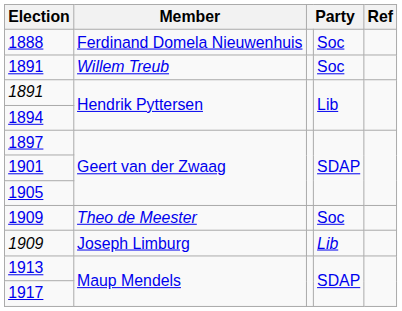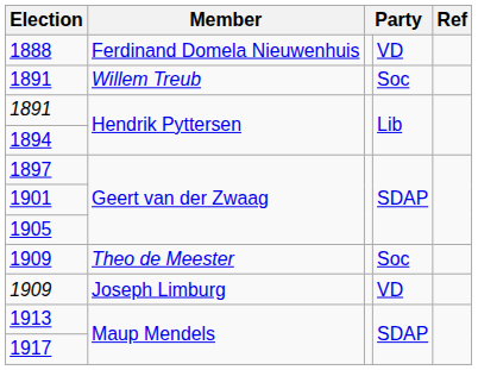 <table class="wikitable">
 <tr>
 <th scope="col">Election</th>
 <th scope="col">Member</th>
 <th scope="col" colspan="2">Party</th>
 <th scope="col">Ref</th>
 </tr>
 <tr>
 <td scope="row"><a href='#'>1888</a></td>
 <td scope="row"><a href='#'>Ferdinand Domela Nieuwenhuis</a></td>
 <td scope="row" style="background-color:"></td>
-<td scope="row"><a href='#'>Soc</a></td>
+<td scope="row"><a href='#'>VD</a></td>
 <td scope="row"></td>
 </tr>
 <tr>
 <td scope="row"><a href='#'>1891</a></td>
 <td scope="row"><em><a href='#'>Willem Treub</a></em></td>
 <td scope="row" style="background-color:"></td>
 <td scope="row"><a href='#'>Soc</a></td>
 <td scope="row"></td>
 </tr>
 <tr>
 <td scope="row"><em>1891</em></td>
 <td scope="row" rowspan=2><a href='#'>Hendrik Pyttersen</a></td>
 <td scope="row" rowspan=2 style="background-color:"></td>
 <td scope="row" rowspan=2><a href='#'>Lib</a></td>
 <td scope="row" rowspan=2></td>
 </tr>
 <tr>
 <td scope="row"><a href='#'>1894</a></td>
 </tr>
 <tr>
 <td scope="row"><a href='#'>1897</a></td>
 <td scope="row" rowspan=3><a href='#'>Geert van der Zwaag</a></td>
 <td scope="row" rowspan=3 style="background-color:"></td>
 <td scope="row" rowspan=3><a href='#'>SDAP</a></td>
 <td scope="row" rowspan=3></td>
 </tr>
 <tr>
 <td scope="row"><a href='#'>1901</a></td>
 </tr>
 <tr>
 <td scope="row"><a href='#'>1905</a></td>
 </tr>
 <tr>
 <td scope="row"><a href='#'>1909</a></td>
 <td scope="row"><em><a href='#'>Theo de Meester</a></em></td>
 <td scope="row" style="background-color:"></td>
 <td scope="row"><a href='#'>Soc</a></td>
 <td scope="row"></td>
 </tr>
 <tr>
 <td scope="row"><em>1909</em></td>
 <td scope="row"><a href='#'>Joseph Limburg</a></td>
 <td scope="row" style="background-color:"></td>
-<td scope="row"><em><a href='#'>Lib</a></em></td>
+<td scope="row"><a href='#'>VD</a></td>
 <td scope="row"></td>
 </tr>
 <tr>
 <td scope="row"><a href='#'>1913</a></td>
 <td scope="row" rowspan=2><a href='#'>Maup Mendels</a></td>
 <td scope="row" rowspan=2 style="background-color:"></td>
 <td scope="row" rowspan=2><a href='#'>SDAP</a></td>
 <td scope="row" rowspan=2></td>
 </tr>
 <tr>
 <td scope="row"><a href='#'>1917</a></td>
 </tr>
 </table>
